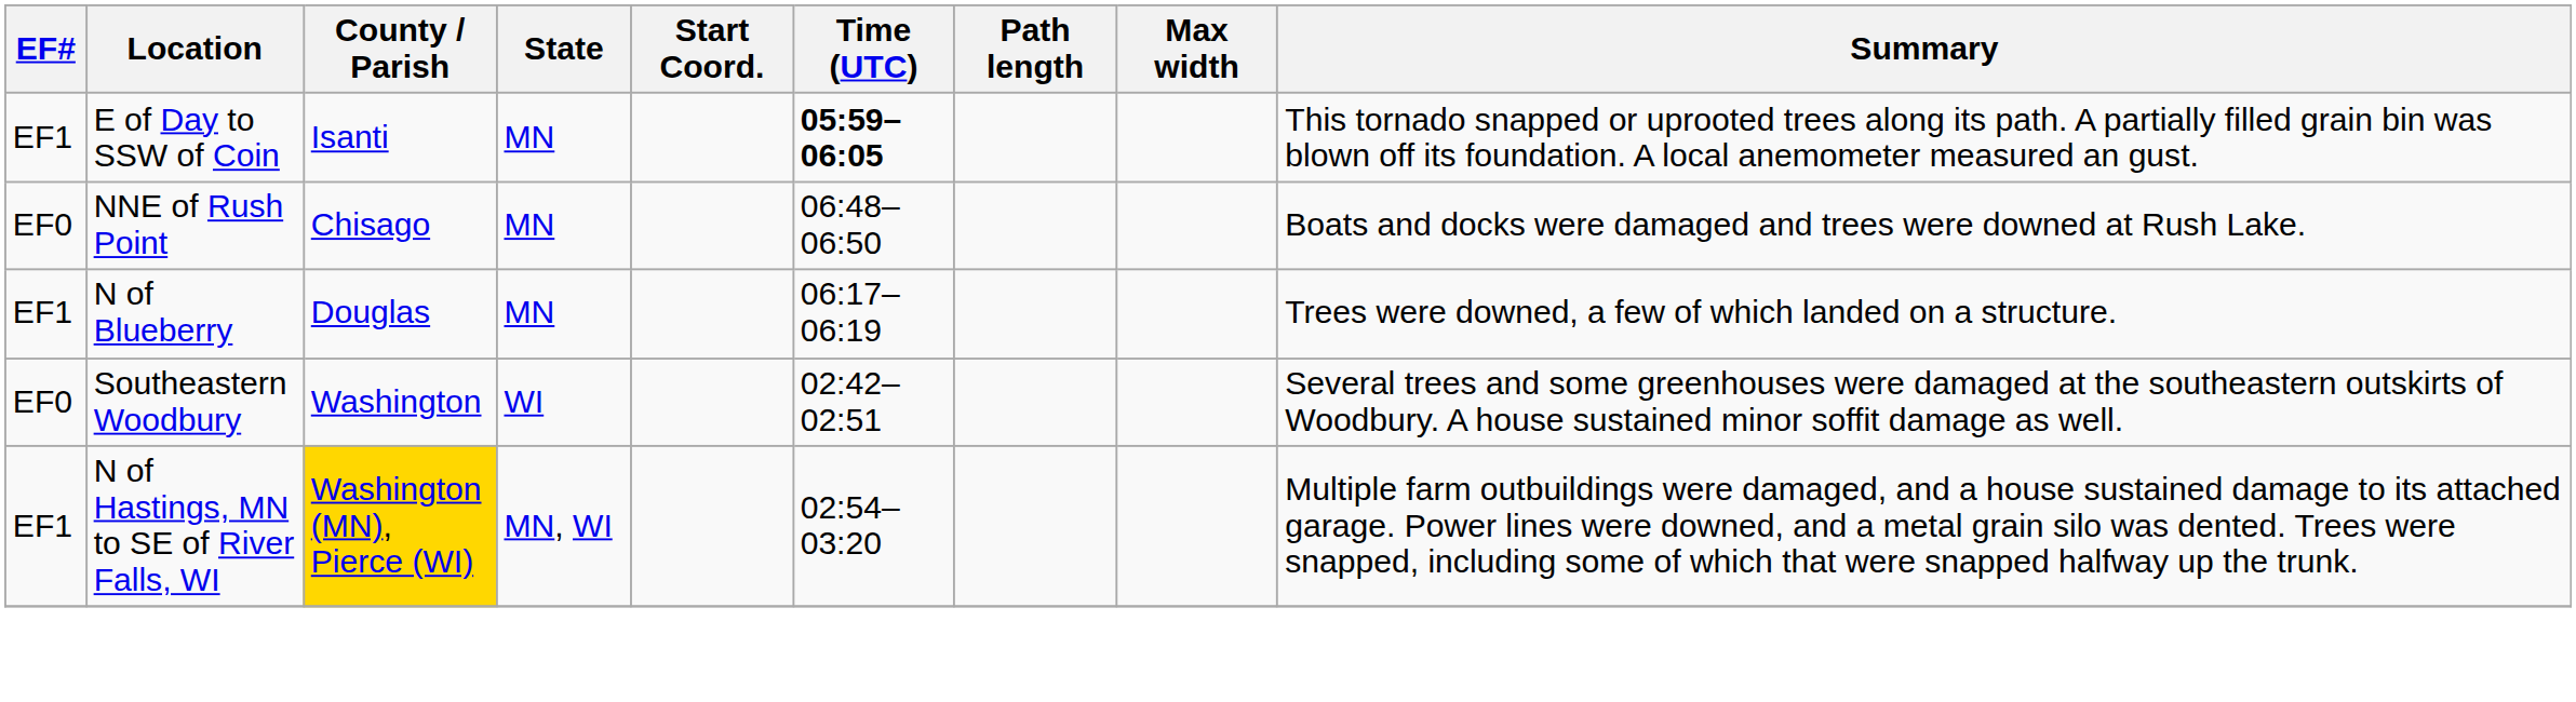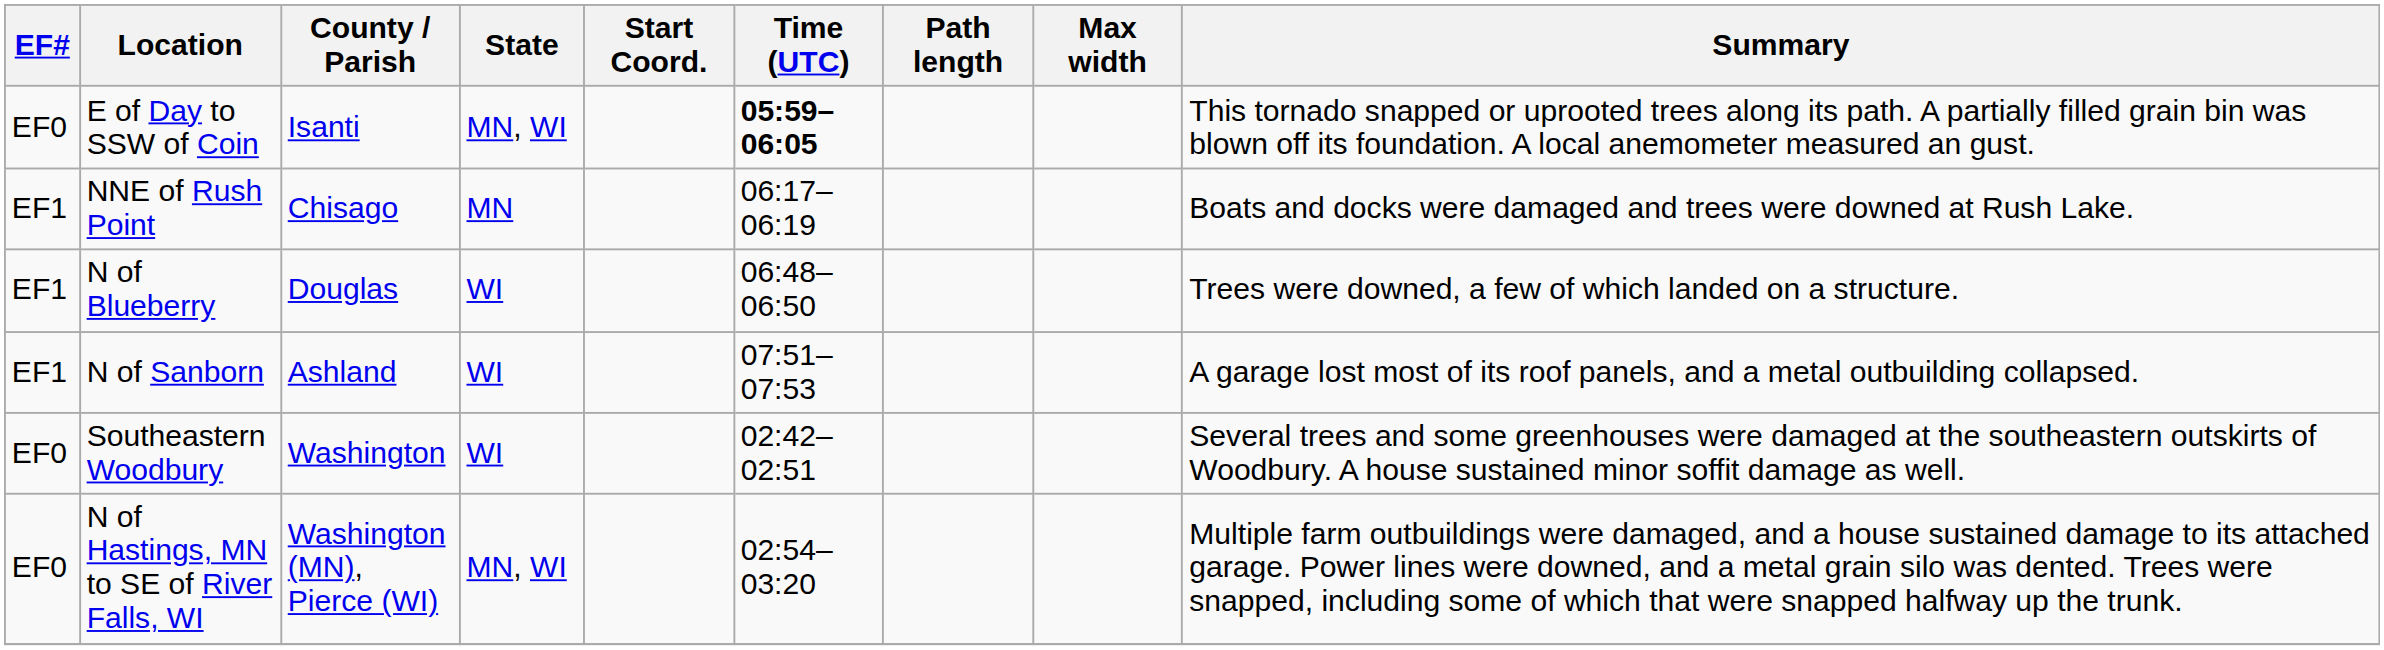 <table class="wikitable sortable" style="width:100%;">
 <tr>
 <th scope="col"  style="width:3%; text-align:center;"><a href='#'>EF#</a></th>
 <th scope="col"  style="width:7%; text-align:center;" class="unsortable">Location</th>
 <th scope="col"  style="width:6%; text-align:center;" class="unsortable">County / Parish</th>
 <th scope="col"  style="width:5%; text-align:center;">State</th>
 <th scope="col"  style="width:6%; text-align:center;">Start Coord.</th>
 <th scope="col"  style="width:6%; text-align:center;">Time (<a href='#'>UTC</a>)</th>
 <th scope="col"  style="width:6%; text-align:center;">Path length</th>
 <th scope="col"  style="width:6%; text-align:center;">Max width</th>
 <th scope="col" class="unsortable" style="width:48%; text-align:center;">Summary</th>
 </tr>
 <tr>
-<td>EF1</td>
+<td>EF0</td>
 <td>E of <a href='#'>Day</a> to SSW of <a href='#'>Coin</a></td>
 <td><a href='#'>Isanti</a></td>
-<td><a href='#'>MN</a></td>
+<td><a href='#'>MN</a>, <a href='#'>WI</a></td>
 <td></td>
 <td><strong>05:59–06:05</strong></td>
 <td></td>
 <td></td>
 <td>This tornado snapped or uprooted trees along its path. A partially filled grain bin was blown off its foundation. A local anemometer measured an  gust.</td>
 </tr>
 <tr>
-<td>EF0</td>
+<td>EF1</td>
 <td>NNE of <a href='#'>Rush Point</a></td>
 <td><a href='#'>Chisago</a></td>
 <td><a href='#'>MN</a></td>
 <td></td>
-<td>06:48–06:50</td>
+<td>06:17–06:19</td>
 <td></td>
 <td></td>
 <td>Boats and docks were damaged and trees were downed at Rush Lake.</td>
 </tr>
 <tr>
 <td>EF1</td>
 <td>N of <a href='#'>Blueberry</a></td>
 <td><a href='#'>Douglas</a></td>
-<td><a href='#'>MN</a></td>
+<td><a href='#'>WI</a></td>
 <td></td>
-<td>06:17–06:19</td>
+<td>06:48–06:50</td>
 <td></td>
 <td></td>
 <td>Trees were downed, a few of which landed on a structure.</td>
+</tr>
+<tr>
+<td>EF1</td>
+<td>N of <a href='#'>Sanborn</a></td>
+<td><a href='#'>Ashland</a></td>
+<td><a href='#'>WI</a></td>
+<td></td>
+<td>07:51–07:53</td>
+<td></td>
+<td></td>
+<td>A garage lost most of its roof panels, and a metal outbuilding collapsed.</td>
 </tr>
 <tr>
 <td>EF0</td>
 <td>Southeastern <a href='#'>Woodbury</a></td>
 <td><a href='#'>Washington</a></td>
 <td><a href='#'>WI</a></td>
 <td></td>
 <td>02:42–02:51</td>
 <td></td>
 <td></td>
 <td>Several trees and some greenhouses were damaged at the southeastern outskirts of Woodbury. A house sustained minor soffit damage as well.</td>
 </tr>
 <tr>
-<td>EF1</td>
+<td>EF0</td>
 <td>N of <a href='#'>Hastings, MN</a> to SE of <a href='#'>River Falls, WI</a></td>
-<td style="background: gold;"><a href='#'>Washington (MN)</a>, <a href='#'>Pierce (WI)</a></td>
+<td><a href='#'>Washington (MN)</a>, <a href='#'>Pierce (WI)</a></td>
 <td><a href='#'>MN</a>, <a href='#'>WI</a></td>
 <td></td>
 <td>02:54–03:20</td>
 <td></td>
 <td></td>
 <td>Multiple farm outbuildings were damaged, and a house sustained damage to its attached garage. Power lines were downed, and a metal grain silo was dented. Trees were snapped, including some of which that were snapped halfway up the trunk.</td>
 </tr>
 <tr>
 </tr>
 </table>
